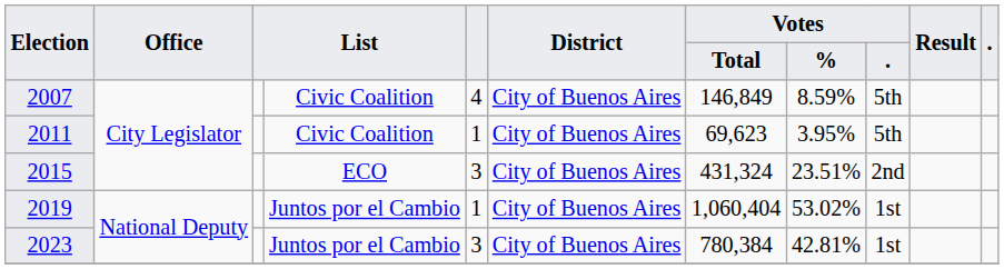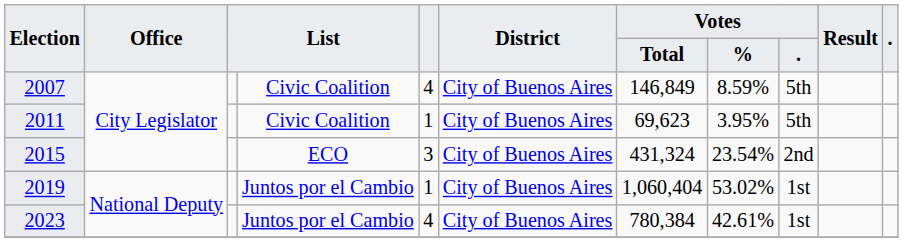 <table class="wikitable" style="font-size:90%; text-align:center;">
 <tr>
 <th style="background-color:#EAECF0;" rowspan=2>Election</th>
 <th style="background-color:#EAECF0;" rowspan=2>Office</th>
 <th style="background-color:#EAECF0;" colspan=2 rowspan=2>List</th>
 <th style="background-color:#EAECF0;" rowspan=2></th>
 <th style="background-color:#EAECF0;" rowspan=2>District</th>
 <th style="background-color:#EAECF0;" colspan=3>Votes</th>
 <th style="background-color:#EAECF0;" rowspan=2>Result</th>
 <th style="background-color:#EAECF0;" rowspan=2>.</th>
 </tr>
 <tr>
 <th style="background-color:#EAECF0;">Total</th>
 <th style="background-color:#EAECF0;">%</th>
 <th style="background-color:#EAECF0;">.</th>
 </tr>
 <tr>
 <td style="background-color:#EAECF0;"><a href='#'>2007</a></td>
 <td rowspan="3"><a href='#'>City Legislator</a></td>
 <td style="background-color:"></td>
 <td><a href='#'>Civic Coalition</a></td>
 <td>4</td>
 <td><a href='#'>City of Buenos Aires</a></td>
 <td>146,849</td>
 <td>8.59%</td>
 <td>5th</td>
 <td></td>
 <td></td>
 </tr>
 <tr>
 <td style="background-color:#EAECF0;"><a href='#'>2011</a></td>
 <td style="background-color:"></td>
 <td><a href='#'>Civic Coalition</a></td>
 <td>1</td>
 <td><a href='#'>City of Buenos Aires</a></td>
 <td>69,623</td>
 <td>3.95%</td>
 <td>5th</td>
 <td></td>
 <td></td>
 </tr>
 <tr>
 <td style="background-color:#EAECF0;"><a href='#'>2015</a></td>
 <td style="background-color:"></td>
 <td><a href='#'>ECO</a></td>
 <td>3</td>
 <td><a href='#'>City of Buenos Aires</a></td>
 <td>431,324</td>
-<td>23.51%</td>
+<td>23.54%</td>
 <td>2nd</td>
 <td></td>
 <td></td>
 </tr>
 <tr>
 <td style="background-color:#EAECF0;"><a href='#'>2019</a></td>
 <td rowspan="2"><a href='#'>National Deputy</a></td>
 <td style="background-color:"></td>
 <td><a href='#'>Juntos por el Cambio</a></td>
 <td>1</td>
 <td><a href='#'>City of Buenos Aires</a></td>
 <td>1,060,404</td>
 <td>53.02%</td>
 <td>1st</td>
 <td></td>
 <td></td>
 </tr>
 <tr>
 <td style="background-color:#EAECF0;"><a href='#'>2023</a></td>
 <td style="background-color:"></td>
 <td><a href='#'>Juntos por el Cambio</a></td>
-<td>3</td>
+<td>4</td>
 <td><a href='#'>City of Buenos Aires</a></td>
 <td>780,384</td>
-<td>42.81%</td>
+<td>42.61%</td>
 <td>1st</td>
 <td></td>
 <td></td>
 </tr>
 <tr>
 </tr>
 </table>
